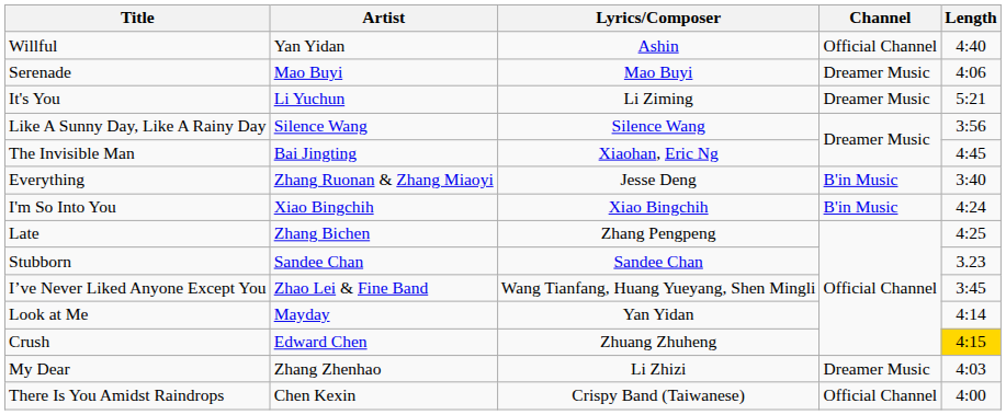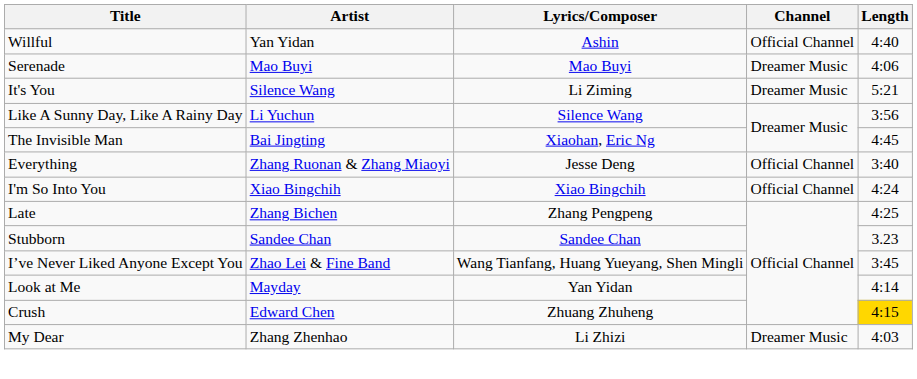 <table class="wikitable sortable plainrowheaders">
 <tr>
 <th scope="col">Title</th>
 <th scope="col">Artist</th>
 <th scope="col">Lyrics/Composer</th>
 <th scope="col">Channel</th>
 <th scope="col" class="unsortable">Length</th>
 </tr>
 <tr>
 <td>Willful <br></td>
 <td>Yan Yidan</td>
 <td style="text-align: center;"><a href='#'>Ashin</a></td>
 <td>Official Channel</td>
 <td style="text-align: center;">4:40</td>
 </tr>
 <tr>
 <td>Serenade</td>
 <td><a href='#'>Mao Buyi</a></td>
 <td style="text-align: center;"><a href='#'>Mao Buyi</a></td>
 <td>Dreamer Music</td>
 <td style="text-align: center;">4:06</td>
 </tr>
 <tr>
 <td>It's You <br></td>
-<td><a href='#'>Li Yuchun</a></td>
+<td><a href='#'>Silence Wang</a></td>
 <td style="text-align: center;">Li Ziming</td>
 <td>Dreamer Music</td>
 <td style="text-align: center;">5:21</td>
 </tr>
 <tr>
 <td>Like A Sunny Day, Like A Rainy Day</td>
-<td><a href='#'>Silence Wang</a></td>
+<td><a href='#'>Li Yuchun</a></td>
 <td style="text-align: center;"><a href='#'>Silence Wang</a></td>
 <td rowspan=2>Dreamer Music</td>
 <td style="text-align: center;">3:56</td>
 </tr>
 <tr>
 <td>The Invisible Man</td>
 <td><a href='#'>Bai Jingting</a></td>
 <td style="text-align: center;"><a href='#'>Xiaohan</a>, <a href='#'>Eric Ng</a></td>
 <td style="text-align: center;">4:45</td>
 </tr>
 <tr>
 <td>Everything</td>
 <td><a href='#'>Zhang Ruonan</a> & <a href='#'>Zhang Miaoyi</a></td>
 <td style="text-align: center;">Jesse Deng</td>
-<td><a href='#'>B'in Music</a></td>
+<td>Official Channel</td>
 <td style="text-align: center;">3:40</td>
 </tr>
 <tr>
 <td>I'm So Into You</td>
 <td><a href='#'>Xiao Bingchih</a></td>
 <td style="text-align: center;"><a href='#'>Xiao Bingchih</a></td>
-<td><a href='#'>B'in Music</a></td>
+<td>Official Channel</td>
 <td style="text-align: center;">4:24</td>
 </tr>
 <tr>
 <td>Late</td>
 <td><a href='#'>Zhang Bichen</a></td>
 <td style="text-align: center;">Zhang Pengpeng</td>
 <td rowspan=5>Official Channel</td>
 <td style="text-align: center;">4:25</td>
 </tr>
 <tr>
 <td>Stubborn</td>
 <td><a href='#'>Sandee Chan</a></td>
 <td style="text-align: center;"><a href='#'>Sandee Chan</a></td>
 <td style="text-align: center;">3.23</td>
 </tr>
 <tr>
 <td>I’ve Never Liked Anyone Except You</td>
 <td><a href='#'>Zhao Lei</a> & <a href='#'>Fine Band</a></td>
 <td style="text-align: center;">Wang Tianfang, Huang Yueyang, Shen Mingli</td>
 <td style="text-align: center;">3:45</td>
 </tr>
 <tr>
 <td>Look at Me</td>
 <td><a href='#'>Mayday</a></td>
 <td style="text-align: center;">Yan Yidan</td>
 <td style="text-align: center;">4:14</td>
 </tr>
 <tr>
 <td>Crush</td>
 <td><a href='#'>Edward Chen</a></td>
 <td style="text-align: center;">Zhuang Zhuheng</td>
 <td style="background: gold; text-align: center;">4:15</td>
 </tr>
 <tr>
 <td>My Dear</td>
 <td>Zhang Zhenhao</td>
 <td style="text-align: center;">Li Zhizi</td>
 <td>Dreamer Music</td>
 <td style="text-align: center;">4:03</td>
 </tr>
-<tr>
-<td>There Is You Amidst Raindrops</td>
-<td>Chen Kexin</td>
-<td style="text-align: center;">Crispy Band (Taiwanese)</td>
-<td>Official Channel</td>
-<td style="text-align: center;">4:00</td>
-</tr>
 </table>
